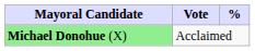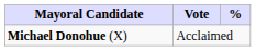 <table class="wikitable">
 <tr>
 <th style="background:#ddf; width:200px;">Mayoral Candidate</th>
 <th style="background:#ddf; width:50px;">Vote</th>
 <th style="background:#ddf; width:30px;">%</th>
 </tr>
 <tr>
-<td style="background: lightgreen;"><strong>Michael Donohue</strong> (X)</td>
+<td><strong>Michael Donohue</strong> (X)</td>
 <td colspan="2">Acclaimed</td>
 </tr>
 </table>
